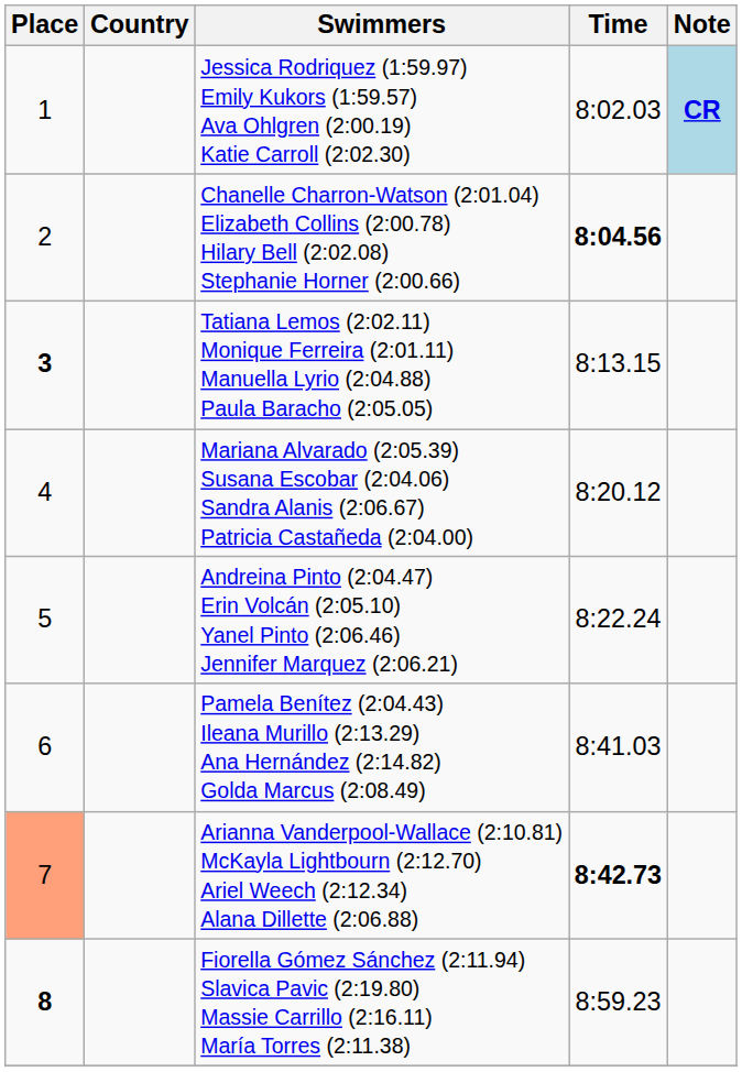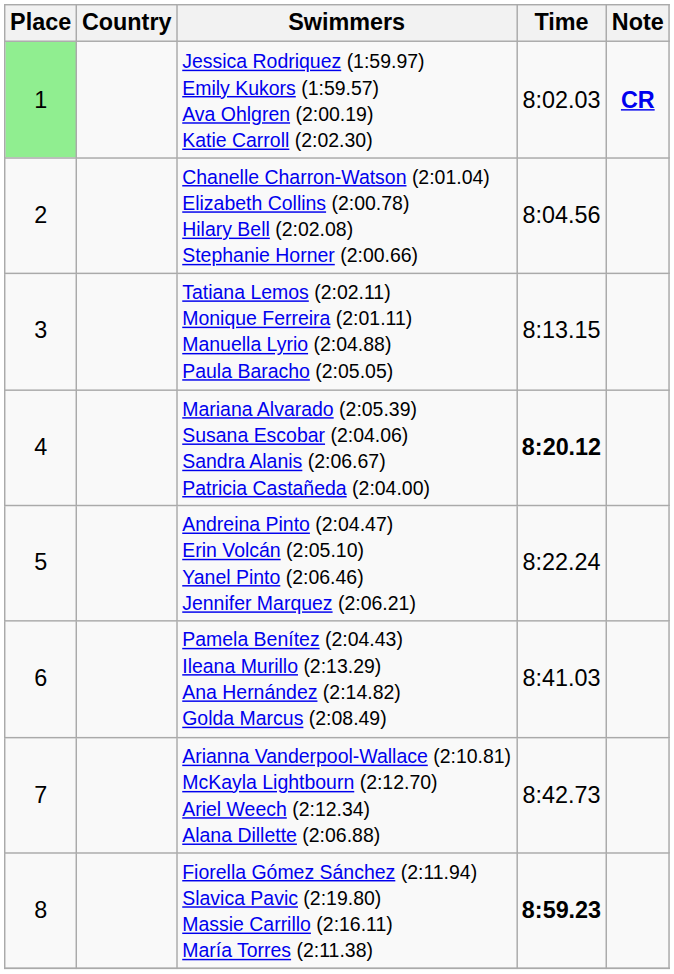 <table class="wikitable" style="text-align:center">
 <tr>
 <th>Place</th>
 <th>Country</th>
 <th>Swimmers</th>
 <th>Time</th>
 <th>Note</th>
 </tr>
 <tr>
-<td>1</td>
+<td style="background: lightgreen;">1</td>
 <td align=left></td>
 <td align=left><small><a href='#'>Jessica Rodriquez</a> (1:59.97) <br><a href='#'>Emily Kukors</a> (1:59.57) <br><a href='#'>Ava Ohlgren</a> (2:00.19) <br> <a href='#'>Katie Carroll</a> (2:02.30)</small></td>
 <td>8:02.03</td>
-<td style="background: lightblue;"><strong><a href='#'>CR</a></strong></td>
+<td><strong><a href='#'>CR</a></strong></td>
 </tr>
 <tr>
 <td>2</td>
 <td align=left></td>
 <td align=left><small><a href='#'>Chanelle Charron-Watson</a> (2:01.04) <br><a href='#'>Elizabeth Collins</a> (2:00.78) <br><a href='#'>Hilary Bell</a> (2:02.08) <br> <a href='#'>Stephanie Horner</a> (2:00.66)</small></td>
-<td><strong>8:04.56</strong></td>
+<td>8:04.56</td>
 <td></td>
 </tr>
 <tr>
-<td><strong>3</strong></td>
+<td>3</td>
 <td align=left></td>
 <td align=left><small><a href='#'>Tatiana Lemos</a> (2:02.11) <br><a href='#'>Monique Ferreira</a> (2:01.11) <br><a href='#'>Manuella Lyrio</a> (2:04.88) <br> <a href='#'>Paula Baracho</a> (2:05.05)</small></td>
 <td>8:13.15</td>
 <td></td>
 </tr>
 <tr>
 <td>4</td>
 <td align=left></td>
 <td align=left><small><a href='#'>Mariana Alvarado</a> (2:05.39) <br><a href='#'>Susana Escobar</a> (2:04.06) <br><a href='#'>Sandra Alanis</a> (2:06.67) <br> <a href='#'>Patricia Castañeda</a> (2:04.00)</small></td>
-<td>8:20.12</td>
+<td><strong>8:20.12</strong></td>
 <td></td>
 </tr>
 <tr>
 <td>5</td>
 <td align=left></td>
 <td align=left><small><a href='#'>Andreina Pinto</a> (2:04.47) <br><a href='#'>Erin Volcán</a> (2:05.10) <br><a href='#'>Yanel Pinto</a> (2:06.46) <br> <a href='#'>Jennifer Marquez</a> (2:06.21)</small></td>
 <td>8:22.24</td>
 <td></td>
 </tr>
 <tr>
 <td>6</td>
 <td align=left></td>
 <td align=left><small><a href='#'>Pamela Benítez</a> (2:04.43) <br><a href='#'>Ileana Murillo</a> (2:13.29) <br><a href='#'>Ana Hernández</a> (2:14.82) <br> <a href='#'>Golda Marcus</a> (2:08.49)</small></td>
 <td>8:41.03</td>
 <td></td>
 </tr>
 <tr>
-<td style="background: lightsalmon;">7</td>
+<td>7</td>
 <td align=left></td>
 <td align=left><small><a href='#'>Arianna Vanderpool-Wallace</a> (2:10.81) <br><a href='#'>McKayla Lightbourn</a> (2:12.70) <br><a href='#'>Ariel Weech</a> (2:12.34) <br> <a href='#'>Alana Dillette</a> (2:06.88)</small></td>
-<td><strong>8:42.73</strong></td>
+<td>8:42.73</td>
 <td></td>
 </tr>
 <tr>
-<td><strong>8</strong></td>
+<td>8</td>
 <td align=left></td>
 <td align=left><small><a href='#'>Fiorella Gómez Sánchez</a> (2:11.94) <br><a href='#'>Slavica Pavic</a> (2:19.80) <br><a href='#'>Massie Carrillo</a> (2:16.11) <br> <a href='#'>María Torres</a> (2:11.38)</small></td>
-<td>8:59.23</td>
+<td><strong>8:59.23</strong></td>
 <td></td>
 </tr>
 <tr>
 </tr>
 </table>
